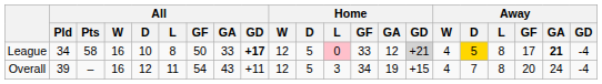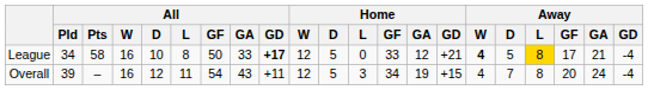 <table class="wikitable" style="text-align:center">
 <tr>
 <th rowspan=2></th>
 <th colspan=8>All</th>
 <th colspan=6>Home</th>
 <th colspan=6>Away</th>
 </tr>
 <tr>
 <th width=30>Pld</th>
 <th width=30>Pts</th>
 <th width=30>W</th>
 <th width=30>D</th>
 <th width=30>L</th>
 <th width=30>GF</th>
 <th width=30>GA</th>
 <th width=30>GD</th>
 <th width=30>W</th>
 <th width=30>D</th>
 <th width=30>L</th>
 <th width=30>GF</th>
 <th width=30>GA</th>
 <th width=30>GD</th>
 <th width=30>W</th>
 <th width=30>D</th>
 <th width=30>L</th>
 <th width=30>GF</th>
 <th width=30>GA</th>
 <th width=30>GD</th>
 </tr>
 <tr>
 <td>League</td>
 <td>34</td>
 <td>58</td>
 <td>16</td>
 <td>10</td>
 <td>8</td>
 <td>50</td>
 <td>33</td>
 <td><strong>+17</strong></td>
 <td>12</td>
 <td>5</td>
-<td style="background: pink;">0</td>
+<td>0</td>
 <td>33</td>
 <td>12</td>
-<td style="background: lightgrey;">+21</td>
-<td>4</td>
-<td style="background: gold;">5</td>
-<td>8</td>
+<td>+21</td>
+<td><strong>4</strong></td>
+<td>5</td>
+<td style="background: gold;">8</td>
 <td>17</td>
-<td><strong>21</strong></td>
+<td>21</td>
 <td>-4</td>
 </tr>
 <tr>
 <td>Overall</td>
 <td>39</td>
 <td>–</td>
 <td>16</td>
 <td>12</td>
 <td>11</td>
 <td>54</td>
 <td>43</td>
 <td>+11</td>
 <td>12</td>
 <td>5</td>
 <td>3</td>
 <td>34</td>
 <td>19</td>
 <td>+15</td>
 <td>4</td>
 <td>7</td>
 <td>8</td>
 <td>20</td>
 <td>24</td>
 <td>-4</td>
 </tr>
 </table>
